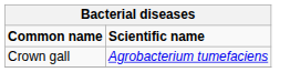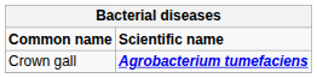 <table class="wikitable" style="clear">
 <tr>
 <th colspan=2><strong>Bacterial diseases</strong><br></th>
 </tr>
 <tr>
 <td><strong>Common name</strong></td>
 <td><strong>Scientific name</strong></td>
 </tr>
 <tr>
 <td>Crown gall</td>
-<td><em><a href='#'>Agrobacterium tumefaciens</a></em></td>
+<td><strong><em><a href='#'>Agrobacterium tumefaciens</a></em></strong></td>
 </tr>
 <tr>
 </tr>
 </table>
